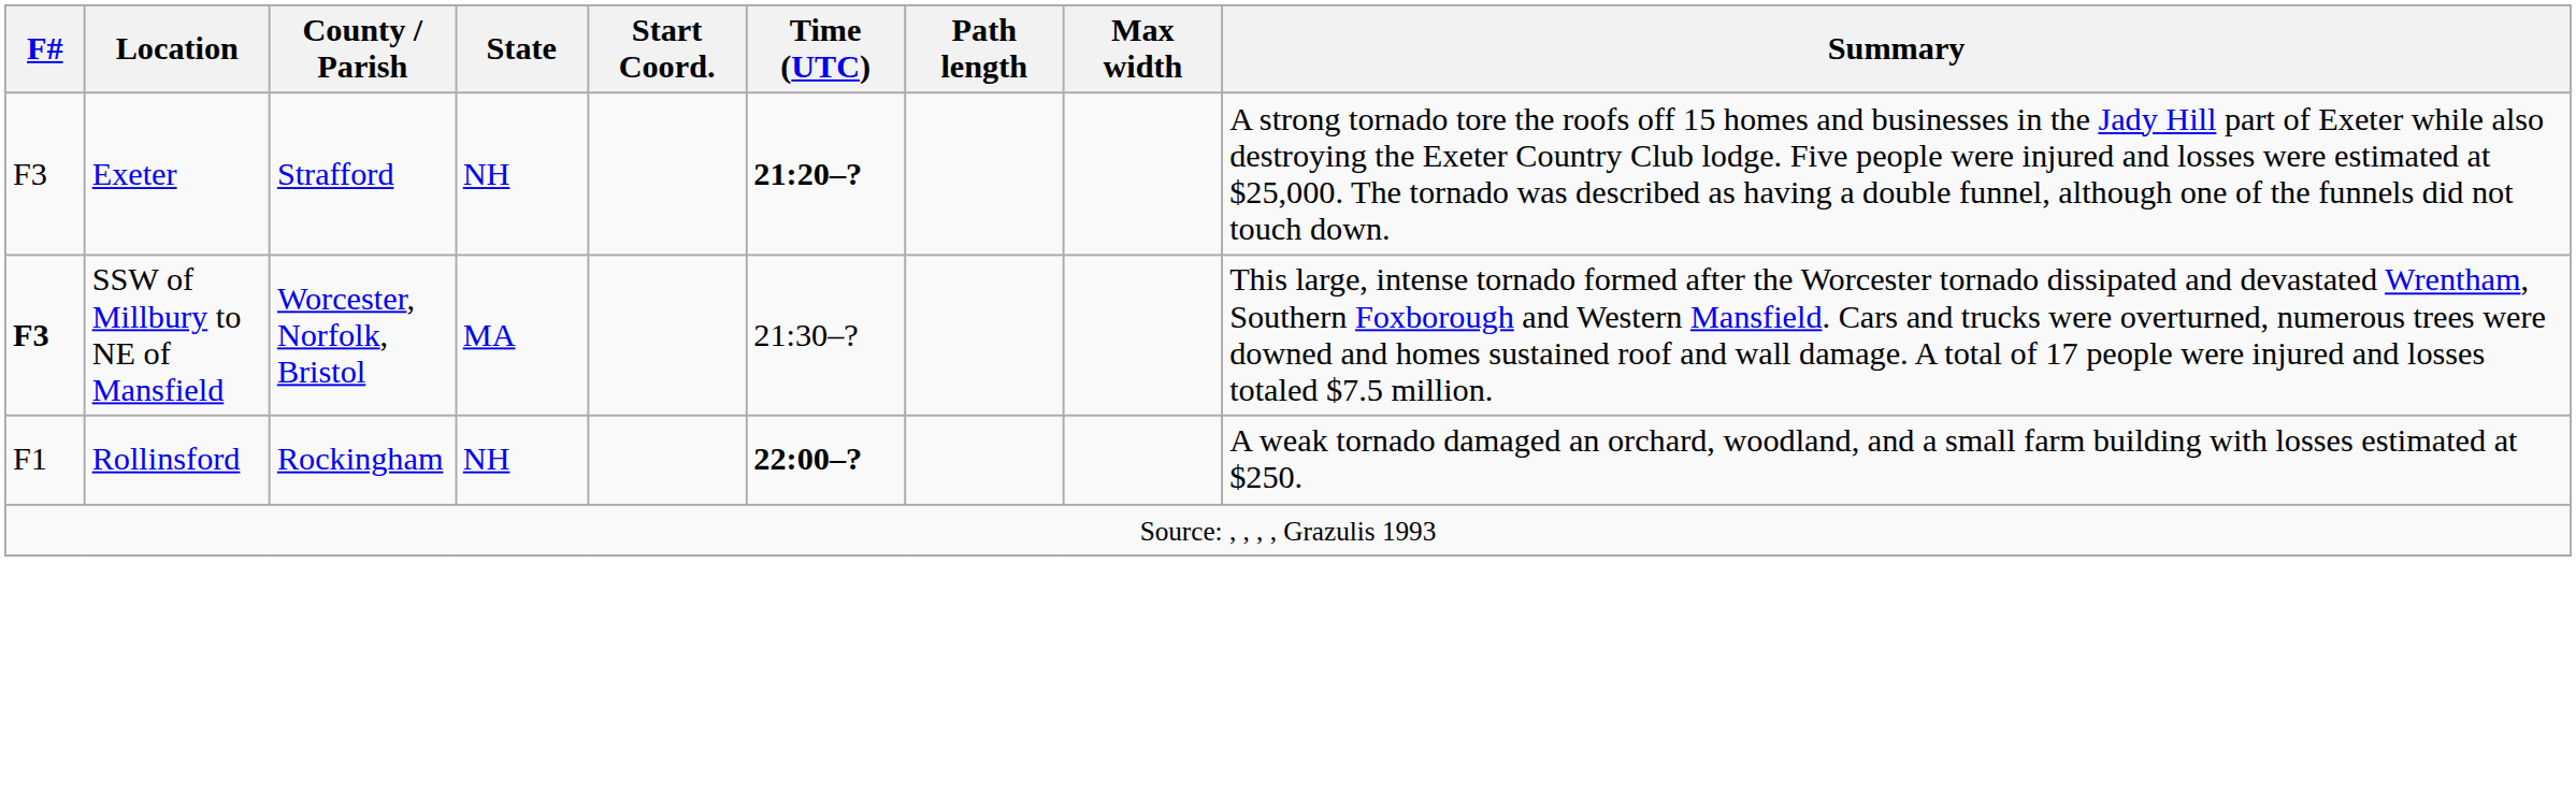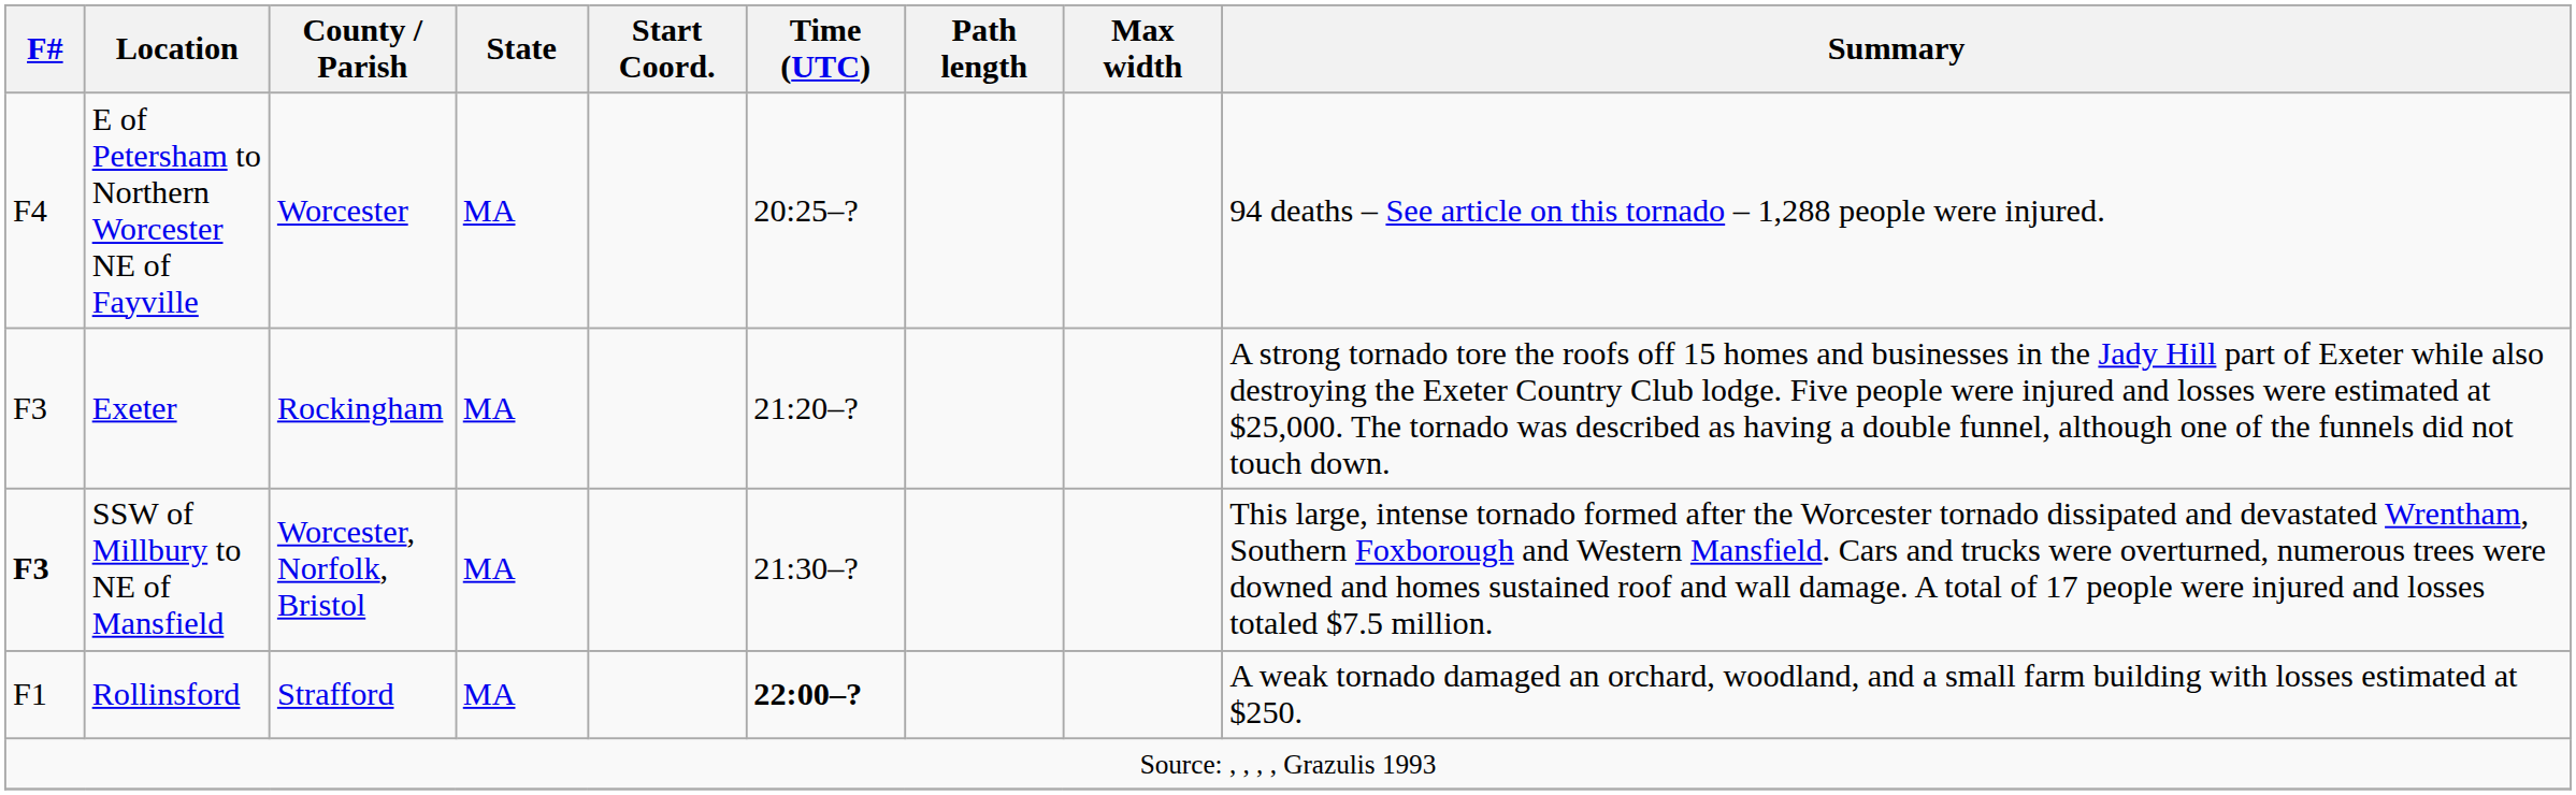 <table class="wikitable sortable" style="width:100%;">
 <tr>
 <th scope="col"  style="width:3%; text-align:center;"><a href='#'>F#</a></th>
 <th scope="col"  style="width:7%; text-align:center;" class="unsortable">Location</th>
 <th scope="col"  style="width:6%; text-align:center;" class="unsortable">County / Parish</th>
 <th scope="col"  style="width:5%; text-align:center;">State</th>
 <th scope="col"  style="width:6%; text-align:center;">Start Coord.</th>
 <th scope="col"  style="width:6%; text-align:center;">Time (<a href='#'>UTC</a>)</th>
 <th scope="col"  style="width:6%; text-align:center;">Path length</th>
 <th scope="col"  style="width:6%; text-align:center;">Max width</th>
 <th scope="col" class="unsortable" style="width:51%; text-align:center;">Summary</th>
 </tr>
 <tr>
+<td>F4</td>
+<td>E of <a href='#'>Petersham</a> to Northern <a href='#'>Worcester</a> NE of <a href='#'>Fayville</a></td>
+<td><a href='#'>Worcester</a></td>
+<td><a href='#'>MA</a></td>
+<td></td>
+<td>20:25–?</td>
+<td></td>
+<td></td>
+<td>94 deaths – <a href='#'>See article on this tornado</a> – 1,288 people were injured.</td>
+</tr>
+<tr>
 <td>F3</td>
 <td><a href='#'>Exeter</a></td>
-<td><a href='#'>Strafford</a></td>
-<td><a href='#'>NH</a></td>
+<td><a href='#'>Rockingham</a></td>
+<td><a href='#'>MA</a></td>
 <td></td>
-<td><strong>21:20–?</strong></td>
+<td>21:20–?</td>
 <td></td>
 <td></td>
 <td>A strong tornado tore the roofs off 15 homes and businesses in the <a href='#'>Jady Hill</a> part of Exeter while also destroying the Exeter Country Club lodge. Five people were injured and losses were estimated at $25,000. The tornado was described as having a double funnel, although one of the funnels did not touch down.</td>
 </tr>
 <tr>
 <td><strong>F3</strong></td>
 <td>SSW of <a href='#'>Millbury</a> to NE of <a href='#'>Mansfield</a></td>
 <td><a href='#'>Worcester</a>, <a href='#'>Norfolk</a>, <a href='#'>Bristol</a></td>
 <td><a href='#'>MA</a></td>
 <td></td>
 <td>21:30–?</td>
 <td></td>
 <td></td>
 <td>This large, intense tornado formed after the Worcester tornado dissipated and devastated <a href='#'>Wrentham</a>, Southern <a href='#'>Foxborough</a> and Western <a href='#'>Mansfield</a>. Cars and trucks were overturned, numerous trees were downed and homes sustained roof and wall damage. A total of 17 people were injured and losses totaled $7.5 million.</td>
 </tr>
 <tr>
 <td>F1</td>
 <td><a href='#'>Rollinsford</a></td>
-<td><a href='#'>Rockingham</a></td>
-<td><a href='#'>NH</a></td>
+<td><a href='#'>Strafford</a></td>
+<td><a href='#'>MA</a></td>
 <td></td>
 <td><strong>22:00–?</strong></td>
 <td></td>
 <td></td>
 <td>A weak tornado damaged an orchard, woodland, and a small farm building with losses estimated at $250.</td>
 </tr>
 <tr>
 <td colspan="9" align=center><small>Source: , , , , Grazulis 1993</small></td>
 </tr>
 <tr>
 </tr>
 </table>
